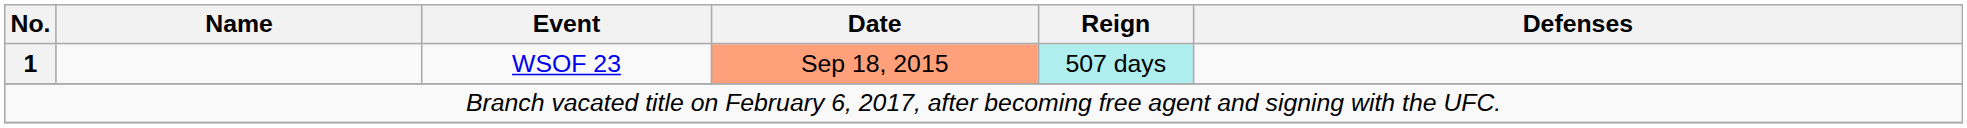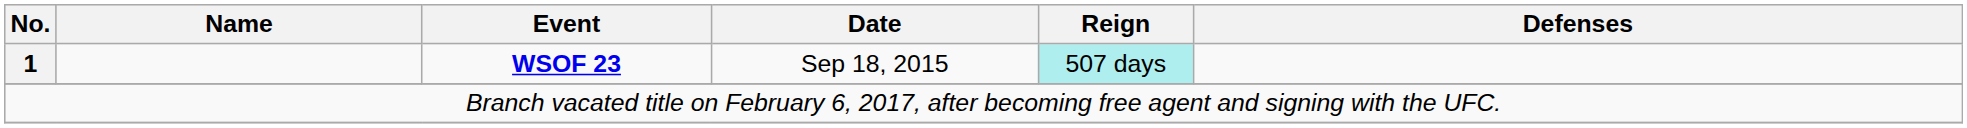 <table class="wikitable" width=100%>
 <tr>
 <th width=1%>No.</th>
 <th width=19%>Name</th>
 <th width=15%>Event</th>
 <th width=17%>Date</th>
 <th width=8%>Reign</th>
 <th width=40%>Defenses</th>
 </tr>
 <tr>
 <th>1</th>
 <td> <br></td>
-<td align=center><a href='#'>WSOF 23</a><br></td>
-<td align=center style="background: lightsalmon;">Sep 18, 2015</td>
+<td align=center><strong><a href='#'>WSOF 23</a><br></strong></td>
+<td align=center>Sep 18, 2015</td>
 <td align=center style="background: paleturquoise;">507 days</td>
 <td><br></td>
 </tr>
 <tr>
 </tr>
 <tr>
 <td align="center" colspan="6"><em>Branch vacated title on February 6, 2017, after becoming free agent and signing with the UFC.</em></td>
 </tr>
 <tr>
 </tr>
 </table>
